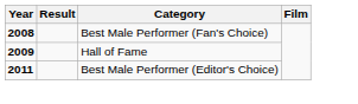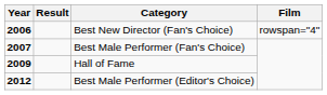 <table class="wikitable">
 <tr>
 <th>Year</th>
 <th>Result</th>
 <th>Category</th>
 <th>Film</th>
 </tr>
 <tr>
-<td><strong>2008</strong></td>
+<td><strong>2006</strong></td>
+<td></td>
+<td>Best New Director (Fan's Choice)</td>
+<td>rowspan="4" </td>
+</tr>
+<tr>
+<td><strong>2007</strong></td>
 <td></td>
 <td>Best Male Performer (Fan's Choice)</td>
 </tr>
 <tr>
 <td><strong>2009</strong></td>
 <td></td>
 <td>Hall of Fame</td>
 </tr>
 <tr>
-<td><strong>2011</strong></td>
+<td><strong>2012</strong></td>
 <td></td>
 <td>Best Male Performer (Editor's Choice)</td>
 </tr>
 </table>
